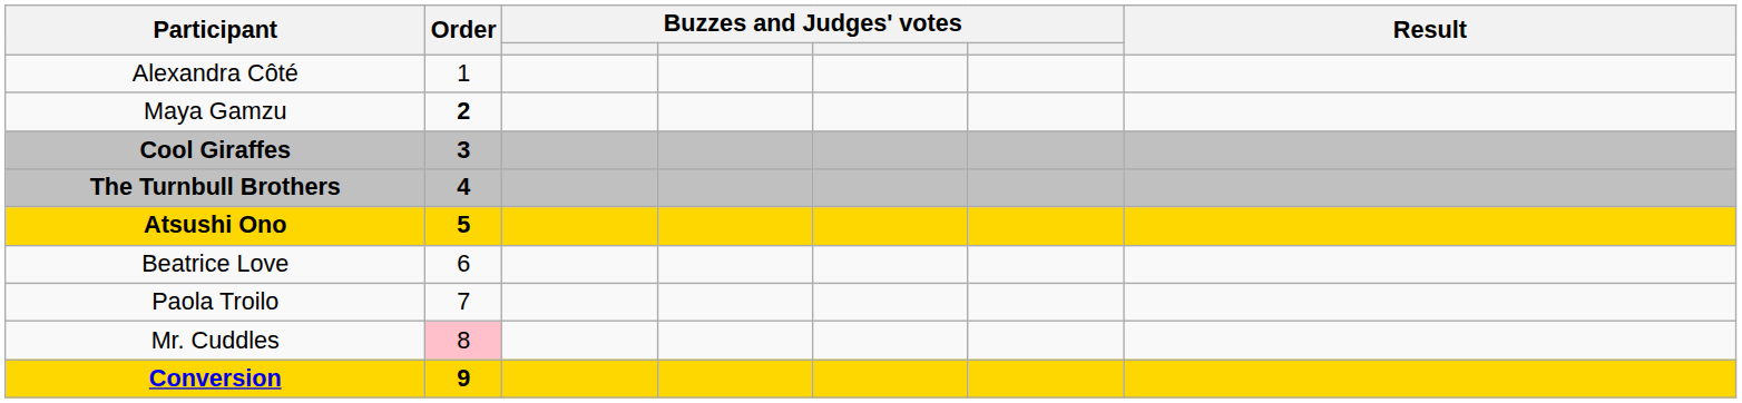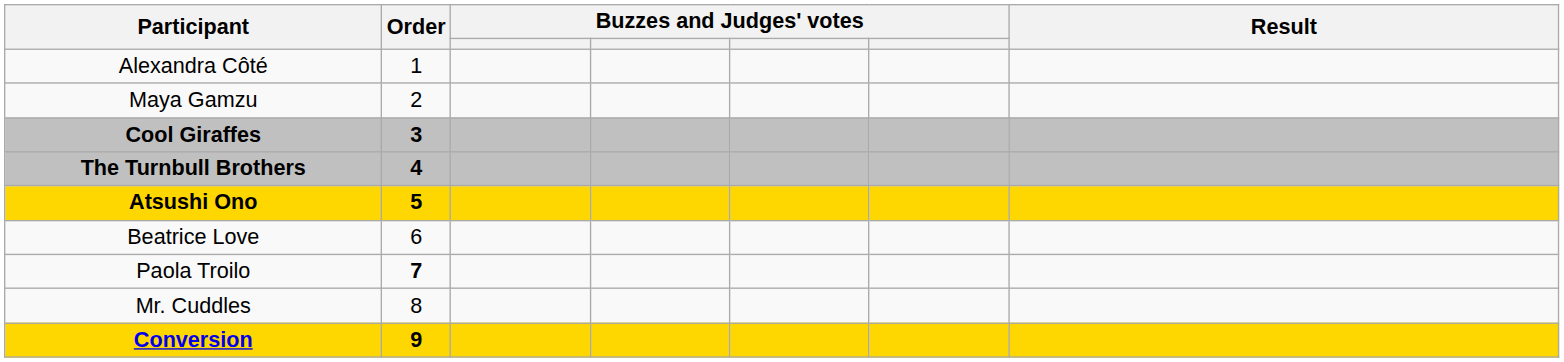 <table class="wikitable plainrowheaders sortable" style="text-align:center;">
 <tr>
 <th scope="col" rowspan="2" class="unsortable" style="width:17em;">Participant</th>
 <th scope="col" rowspan="2" style="width:1em;">Order</th>
 <th scope="col" colspan="4" class="unsortable" style="width:24em;">Buzzes and Judges' votes</th>
 <th scope="col" rowspan="2" style="width:25em;">Result</th>
 </tr>
 <tr>
 <th scope="col" class="unsortable" style="width:6em;"></th>
 <th scope="col" class="unsortable" style="width:6em;"></th>
 <th scope="col" class="unsortable" style="width:6em;"></th>
 <th scope="col" class="unsortable" style="width:6em;"></th>
 </tr>
 <tr style=>
 <td>Alexandra Côté</td>
 <td>1</td>
 <td style="text-align:center"></td>
 <td style="text-align:center"></td>
 <td style="text-align:center"></td>
 <td style="text-align:center"></td>
 <td></td>
 </tr>
 <tr>
 <td>Maya Gamzu</td>
-<td><strong>2</strong></td>
+<td>2</td>
 <td style="text-align:center"></td>
 <td style="text-align:center"></td>
 <td style="text-align:center"></td>
 <td style="text-align:center"></td>
 <td></td>
 </tr>
 <tr style="background:silver;">
 <td><strong>Cool Giraffes</strong></td>
 <td><strong>3</strong></td>
 <td style="text-align:center"></td>
 <td style="text-align:center"></td>
 <td style="text-align:center"></td>
 <td style="text-align:center"></td>
 <td><strong></strong></td>
 </tr>
 <tr style="background:silver;">
 <td><strong>The Turnbull Brothers</strong></td>
 <td><strong>4</strong></td>
 <td style="text-align:center"></td>
 <td style="text-align:center"></td>
 <td style="text-align:center"></td>
 <td style="text-align:center"></td>
 <td><strong></strong></td>
 </tr>
 <tr style="background:gold;">
 <td><strong>Atsushi Ono</strong></td>
 <td><strong>5</strong></td>
 <td style="text-align:center"></td>
 <td style="text-align:center"></td>
 <td style="text-align:center"></td>
 <td style="text-align:center"></td>
 <td><strong></strong></td>
 </tr>
 <tr>
 <td>Beatrice Love</td>
 <td>6</td>
 <td></td>
 <td></td>
 <td></td>
 <td></td>
 <td></td>
 </tr>
 <tr>
 <td>Paola Troilo</td>
-<td>7</td>
+<td><strong>7</strong></td>
 <td></td>
 <td></td>
 <td></td>
 <td></td>
 <td></td>
 </tr>
 <tr>
 <td>Mr. Cuddles</td>
-<td style="background: pink;">8</td>
+<td>8</td>
 <td style="text-align:center"></td>
 <td style="text-align:center"></td>
 <td style="text-align:center"></td>
 <td style="text-align:center"></td>
 <td></td>
 </tr>
 <tr style="background:gold;">
 <td><strong><a href='#'>Conversion</a></strong></td>
 <td><strong>9</strong></td>
 <td></td>
 <td></td>
 <td></td>
 <td></td>
 <td><strong></strong></td>
 </tr>
 </table>
